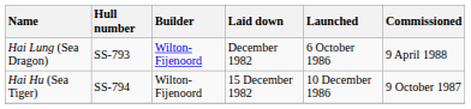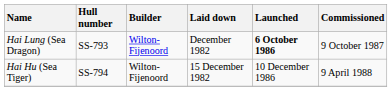 <table class= "wikitable">
 <tr>
 <th style="text-align:left">Name</th>
 <th style="text-align:left">Hull number</th>
 <th style="text-align:left">Builder</th>
 <th style="text-align:left">Laid down</th>
 <th style="text-align:left">Launched</th>
 <th style="text-align:left">Commissioned</th>
 </tr>
 <tr>
 <td><em>Hai Lung</em> (Sea Dragon)</td>
 <td>SS-793</td>
 <td><a href='#'>Wilton-Fijenoord</a></td>
 <td>December 1982</td>
-<td>6 October 1986</td>
-<td>9 April 1988</td>
+<td><strong>6 October 1986</strong></td>
+<td>9 October 1987</td>
 </tr>
 <tr>
 <td><em>Hai Hu</em> (Sea Tiger)</td>
 <td>SS-794</td>
 <td>Wilton-Fijenoord</td>
 <td>15 December 1982</td>
 <td>10 December 1986</td>
-<td>9 October 1987</td>
+<td>9 April 1988</td>
 </tr>
 <tr>
 </tr>
 </table>
